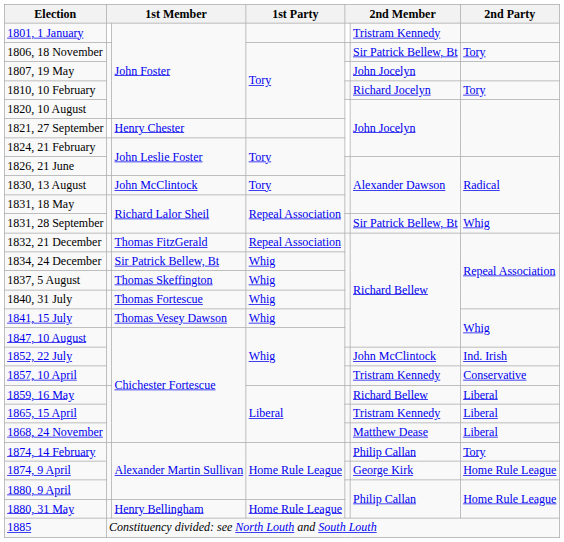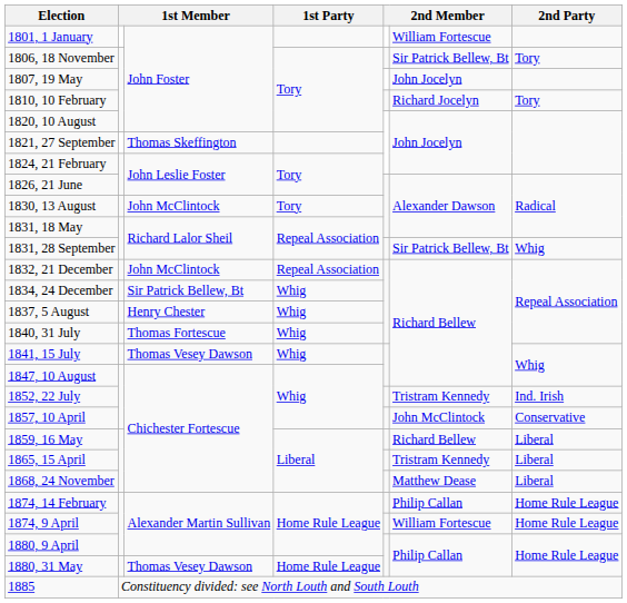 <table class="wikitable">
 <tr>
 <th>Election</th>
 <th colspan="2">1st Member</th>
 <th>1st Party</th>
 <th colspan="2">2nd Member</th>
 <th>2nd Party</th>
 </tr>
 <tr>
 <td><a href='#'>1801, 1 January</a></td>
 <td rowspan="1" style="color:inherit;background-color: white"></td>
 <td rowspan="5"><a href='#'>John Foster</a>    </td>
 <td rowspan="1"></td>
 <td style="color:inherit;background-color: white"></td>
-<td><a href='#'>Tristram Kennedy</a>    </td>
+<td><a href='#'>William Fortescue</a>    </td>
 <td></td>
 </tr>
 <tr>
 <td>1806, 18 November</td>
 <td rowspan="4" style="color:inherit;background-color: "></td>
 <td rowspan="4"><a href='#'>Tory</a></td>
 <td style="color:inherit;background-color: "></td>
 <td><a href='#'>Sir Patrick Bellew, Bt</a>    </td>
 <td><a href='#'>Tory</a></td>
 </tr>
 <tr>
 <td>1807, 19 May</td>
 <td style="color:inherit;background-color: white"></td>
 <td><a href='#'>John Jocelyn</a>    </td>
 <td></td>
 </tr>
 <tr>
 <td>1810, 10 February</td>
 <td style="color:inherit;background-color: "></td>
 <td><a href='#'>Richard Jocelyn</a>   </td>
 <td><a href='#'>Tory</a></td>
 </tr>
 <tr>
 <td>1820, 10 August</td>
 <td rowspan="3" style="color:inherit;background-color: white"></td>
 <td rowspan="3"><a href='#'>John Jocelyn</a>    </td>
 <td rowspan="3"></td>
 </tr>
 <tr>
 <td>1821, 27 September</td>
 <td style="color:inherit;background-color: white"></td>
-<td><a href='#'>Henry Chester</a></td>
+<td><a href='#'>Thomas Skeffington</a>   </td>
 <td></td>
 </tr>
 <tr>
 <td>1824, 21 February</td>
 <td rowspan="2" style="color:inherit;background-color: "></td>
 <td rowspan="2"><a href='#'>John Leslie Foster</a>   </td>
 <td rowspan="2"><a href='#'>Tory</a></td>
 </tr>
 <tr>
 <td>1826, 21 June</td>
 <td rowspan="3" style="color:inherit;background-color: "></td>
 <td rowspan="3"><a href='#'>Alexander Dawson</a>   </td>
 <td rowspan="3"><a href='#'>Radical</a></td>
 </tr>
 <tr>
 <td>1830, 13 August</td>
 <td style="color:inherit;background-color: "></td>
 <td><a href='#'>John McClintock</a>    </td>
 <td><a href='#'>Tory</a></td>
 </tr>
 <tr>
 <td>1831, 18 May</td>
 <td rowspan="2" style="color:inherit;background-color: "></td>
 <td rowspan="2"><a href='#'>Richard Lalor Sheil</a>    </td>
 <td rowspan="2"><a href='#'>Repeal Association</a></td>
 </tr>
 <tr>
 <td>1831, 28 September</td>
 <td style="color:inherit;background-color: "></td>
 <td><a href='#'>Sir Patrick Bellew, Bt</a>    </td>
 <td><a href='#'>Whig</a></td>
 </tr>
 <tr>
 <td>1832, 21 December</td>
 <td style="color:inherit;background-color: "></td>
-<td><a href='#'>Thomas FitzGerald</a>    </td>
+<td><a href='#'>John McClintock</a>    </td>
 <td><a href='#'>Repeal Association</a></td>
 <td rowspan="4" style="color:inherit;background-color: "></td>
 <td rowspan="6"><a href='#'>Richard Bellew</a>    </td>
 <td rowspan="4"><a href='#'>Repeal Association</a></td>
 </tr>
 <tr>
 <td>1834, 24 December</td>
 <td style="color:inherit;background-color: "></td>
 <td><a href='#'>Sir Patrick Bellew, Bt</a>   </td>
 <td><a href='#'>Whig</a></td>
 </tr>
 <tr>
 <td>1837, 5 August</td>
 <td style="color:inherit;background-color: "></td>
-<td><a href='#'>Thomas Skeffington</a>   </td>
+<td><a href='#'>Henry Chester</a></td>
 <td><a href='#'>Whig</a></td>
 </tr>
 <tr>
 <td>1840, 31 July</td>
 <td style="color:inherit;background-color: "></td>
 <td><a href='#'>Thomas Fortescue</a></td>
 <td><a href='#'>Whig</a></td>
 </tr>
 <tr>
 <td><a href='#'>1841, 15 July</a></td>
 <td style="color:inherit;background-color: "></td>
 <td><a href='#'>Thomas Vesey Dawson</a>    </td>
 <td><a href='#'>Whig</a></td>
 <td rowspan="2" style="color:inherit;background-color: "></td>
 <td rowspan="2"><a href='#'>Whig</a></td>
 </tr>
 <tr>
 <td><a href='#'>1847, 10 August</a></td>
 <td rowspan="3" style="color:inherit;background-color: "></td>
 <td rowspan="6"><a href='#'>Chichester Fortescue</a>   </td>
 <td rowspan="3"><a href='#'>Whig</a></td>
 </tr>
 <tr>
 <td><a href='#'>1852, 22 July</a></td>
 <td style="color:inherit;background-color: "></td>
-<td><a href='#'>John McClintock</a>    </td>
+<td><a href='#'>Tristram Kennedy</a>    </td>
 <td><a href='#'>Ind. Irish</a></td>
 </tr>
 <tr>
 <td><a href='#'>1857, 10 April</a></td>
 <td style="color:inherit;background-color: "></td>
-<td><a href='#'>Tristram Kennedy</a>    </td>
+<td><a href='#'>John McClintock</a>    </td>
 <td><a href='#'>Conservative</a></td>
 </tr>
 <tr>
 <td><a href='#'>1859, 16 May</a></td>
 <td rowspan="3" style="color:inherit;background-color: "></td>
 <td rowspan="3"><a href='#'>Liberal</a></td>
 <td style="color:inherit;background-color: "></td>
 <td><a href='#'>Richard Bellew</a>    </td>
 <td><a href='#'>Liberal</a></td>
 </tr>
 <tr>
 <td><a href='#'>1865, 15 April</a></td>
 <td style="color:inherit;background-color: "></td>
 <td><a href='#'>Tristram Kennedy</a>    </td>
 <td><a href='#'>Liberal</a></td>
 </tr>
 <tr>
 <td><a href='#'>1868, 24 November</a></td>
 <td style="color:inherit;background-color: "></td>
 <td><a href='#'>Matthew Dease</a>    </td>
 <td><a href='#'>Liberal</a></td>
 </tr>
 <tr>
 <td><a href='#'>1874, 14 February</a></td>
 <td rowspan="3" style="color:inherit;background-color: "></td>
 <td rowspan="3"><a href='#'>Alexander Martin Sullivan</a>   </td>
 <td rowspan="3"><a href='#'>Home Rule League</a></td>
 <td style="color:inherit;background-color: "></td>
 <td><a href='#'>Philip Callan</a></td>
-<td><a href='#'>Tory</a></td>
+<td><a href='#'>Home Rule League</a></td>
 </tr>
 <tr>
 <td><a href='#'>1874, 9 April</a></td>
 <td style="color:inherit;background-color: "></td>
-<td><a href='#'>George Kirk</a>    </td>
+<td><a href='#'>William Fortescue</a>    </td>
 <td><a href='#'>Home Rule League</a></td>
 </tr>
 <tr>
 <td><a href='#'>1880, 9 April</a></td>
 <td rowspan="2" style="color:inherit;background-color: "></td>
 <td rowspan="2"><a href='#'>Philip Callan</a>    </td>
 <td rowspan="2"><a href='#'>Home Rule League</a></td>
 </tr>
 <tr>
 <td><a href='#'>1880, 31 May</a></td>
 <td style="color:inherit;background-color: "></td>
-<td><a href='#'>Henry Bellingham</a>    </td>
+<td><a href='#'>Thomas Vesey Dawson</a>    </td>
 <td><a href='#'>Home Rule League</a></td>
 </tr>
 <tr>
 <td><a href='#'>1885</a></td>
 <td colspan="6"><em>Constituency divided: see <a href='#'>North Louth</a> and <a href='#'>South Louth</a></em></td>
 </tr>
 </table>
